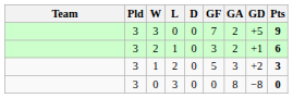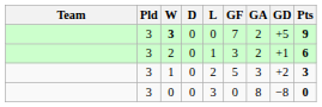 <table class="wikitable" style="text-align: center;">
 <tr>
 <th width="165">Team</th>
 <th width="20">Pld</th>
 <th width="20">W</th>
+<th width="20">D</th>
 <th width="20">L</th>
-<th width="20">D</th>
 <th width="20">GF</th>
 <th width="20">GA</th>
 <th width="20">GD</th>
 <th width="20">Pts</th>
 </tr>
 <tr bgcolor="#ccffcc">
 <td align="left"></td>
 <td>3</td>
-<td>3</td>
+<td><strong>3</strong></td>
 <td>0</td>
 <td>0</td>
 <td>7</td>
 <td>2</td>
 <td>+5</td>
 <td><strong>9</strong></td>
 </tr>
 <tr bgcolor="#ccffcc">
 <td align="left"></td>
 <td>3</td>
 <td>2</td>
+<td>0</td>
 <td>1</td>
-<td>0</td>
 <td>3</td>
 <td>2</td>
 <td>+1</td>
 <td><strong>6</strong></td>
 </tr>
 <tr>
 <td align="left"></td>
 <td>3</td>
 <td>1</td>
+<td>0</td>
 <td 2>2</td>
-<td>0</td>
 <td>5</td>
 <td>3</td>
 <td>+2</td>
 <td><strong>3</strong></td>
 </tr>
 <tr>
 <td align="left"></td>
 <td>3</td>
 <td>0</td>
+<td>0</td>
 <td>3</td>
-<td>0</td>
 <td>0</td>
 <td>8</td>
 <td>−8</td>
 <td><strong>0</strong></td>
 </tr>
 </table>
